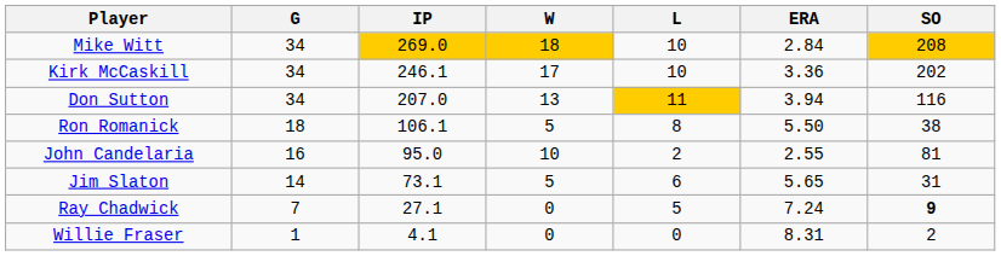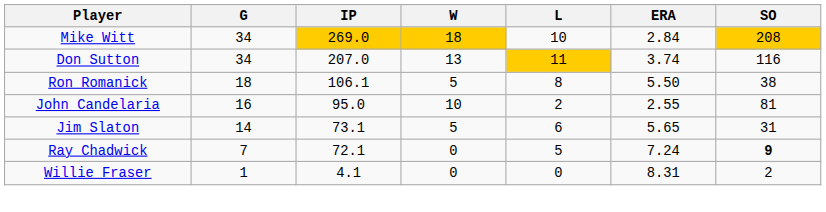 <table class="wikitable sortable">
 <tr>
 <th bgcolor="#DDDDFF" width="16%">Player</th>
 <th bgcolor="#DDDDFF" width="9%">G</th>
 <th bgcolor="#DDDDFF" width="9%">IP</th>
 <th bgcolor="#DDDDFF" width="9%">W</th>
 <th bgcolor="#DDDDFF" width="9%">L</th>
 <th bgcolor="#DDDDFF" width="9%">ERA</th>
 <th bgcolor="#DDDDFF" width="9%">SO</th>
 </tr>
 <tr align="center">
 <td><a href='#'>Mike Witt</a></td>
 <td>34</td>
 <td style="background:#fc0;">269.0</td>
 <td style="background:#fc0;">18</td>
 <td>10</td>
 <td>2.84</td>
 <td style="background:#fc0;">208</td>
 </tr>
 <tr align="center">
-<td><a href='#'>Kirk McCaskill</a></td>
-<td>34</td>
-<td>246.1</td>
-<td>17</td>
-<td>10</td>
-<td>3.36</td>
-<td>202</td>
-</tr>
-<tr align="center">
 <td><a href='#'>Don Sutton</a></td>
 <td>34</td>
 <td>207.0</td>
 <td>13</td>
 <td style="background:#fc0;">11</td>
-<td>3.94</td>
+<td>3.74</td>
 <td>116</td>
 </tr>
 <tr align="center">
 <td><a href='#'>Ron Romanick</a></td>
 <td>18</td>
 <td>106.1</td>
 <td>5</td>
 <td>8</td>
 <td>5.50</td>
 <td>38</td>
 </tr>
 <tr align="center">
 <td><a href='#'>John Candelaria</a></td>
 <td>16</td>
 <td>95.0</td>
 <td>10</td>
 <td>2</td>
 <td>2.55</td>
 <td>81</td>
 </tr>
 <tr align="center">
 <td><a href='#'>Jim Slaton</a></td>
 <td>14</td>
 <td>73.1</td>
 <td>5</td>
 <td>6</td>
 <td>5.65</td>
 <td>31</td>
 </tr>
 <tr align="center">
 <td><a href='#'>Ray Chadwick</a></td>
 <td>7</td>
-<td>27.1</td>
+<td>72.1</td>
 <td>0</td>
 <td>5</td>
 <td>7.24</td>
 <td><strong>9</strong></td>
 </tr>
 <tr align="center">
 <td><a href='#'>Willie Fraser</a></td>
 <td>1</td>
 <td>4.1</td>
 <td>0</td>
 <td>0</td>
 <td>8.31</td>
 <td>2</td>
 </tr>
 </table>
